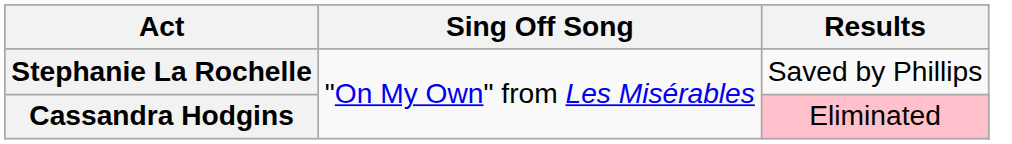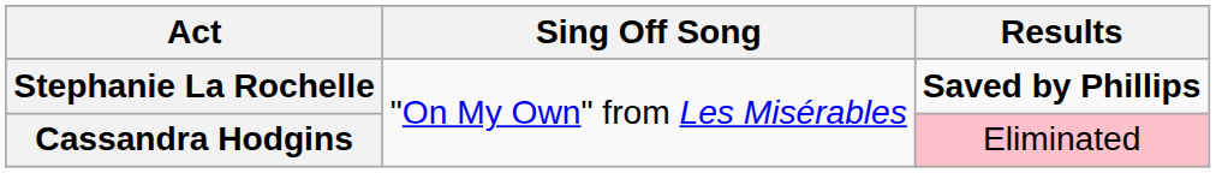 <table class="wikitable plainrowheaders" style="text-align:center;">
 <tr>
 <th scope="col">Act</th>
 <th scope="col">Sing Off Song</th>
 <th scope="col">Results</th>
 </tr>
 <tr>
 <th scope="row">Stephanie La Rochelle</th>
 <td rowspan="3">"<a href='#'>On My Own</a>" from <em><a href='#'>Les Misérables</a></em></td>
-<td>Saved by Phillips</td>
+<td><strong>Saved by Phillips</strong></td>
 </tr>
 <tr>
 <th scope="row">Cassandra Hodgins</th>
 <td style="background:pink;">Eliminated</td>
 </tr>
 </table>
